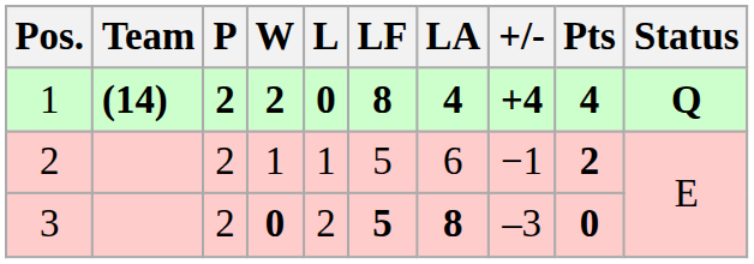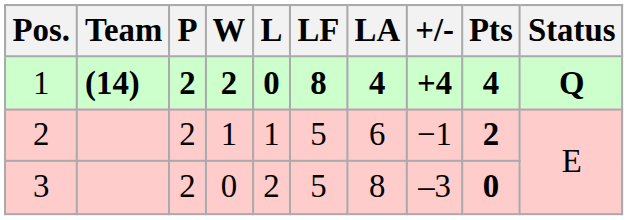 <table class="wikitable" style="text-align:center; margin: 1em auto 1em auto, align:left">
 <tr>
 <th>Pos.</th>
 <th>Team</th>
 <th>P</th>
 <th>W</th>
 <th>L</th>
 <th>LF</th>
 <th>LA</th>
 <th>+/-</th>
 <th>Pts</th>
 <th>Status</th>
 </tr>
 <tr style="background-color:#ccffcc">
 <td>1</td>
 <td style="text-align:left;"><strong> (14)</strong></td>
 <td><strong>2</strong></td>
 <td><strong>2</strong></td>
 <td><strong>0</strong></td>
 <td><strong>8</strong></td>
 <td><strong>4</strong></td>
 <td><strong>+4</strong></td>
 <td><strong>4</strong></td>
 <td><strong>Q</strong></td>
 </tr>
 <tr style="background-color:#FFCCCC">
 <td>2</td>
 <td style="text-align:left;"></td>
 <td>2</td>
 <td>1</td>
 <td>1</td>
 <td>5</td>
 <td>6</td>
 <td>−1</td>
 <td><strong>2</strong></td>
 <td rowspan=2>E</td>
 </tr>
 <tr style="background-color:#FFCCCC">
 <td>3</td>
 <td style="text-align:left;"></td>
 <td>2</td>
-<td><strong>0</strong></td>
+<td>0</td>
 <td>2</td>
-<td><strong>5</strong></td>
-<td><strong>8</strong></td>
+<td>5</td>
+<td>8</td>
 <td>–3</td>
 <td><strong>0</strong></td>
 </tr>
 </table>
